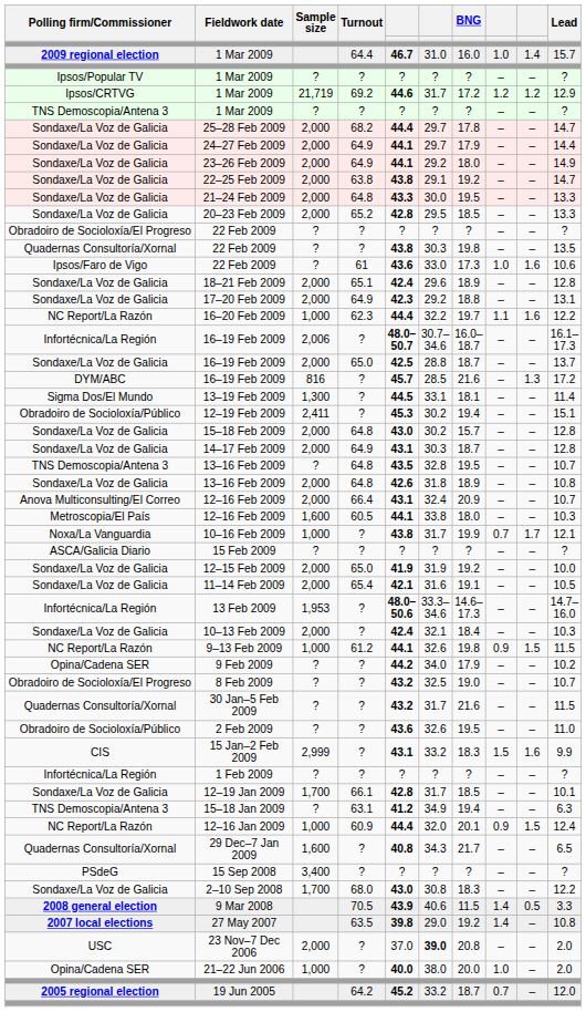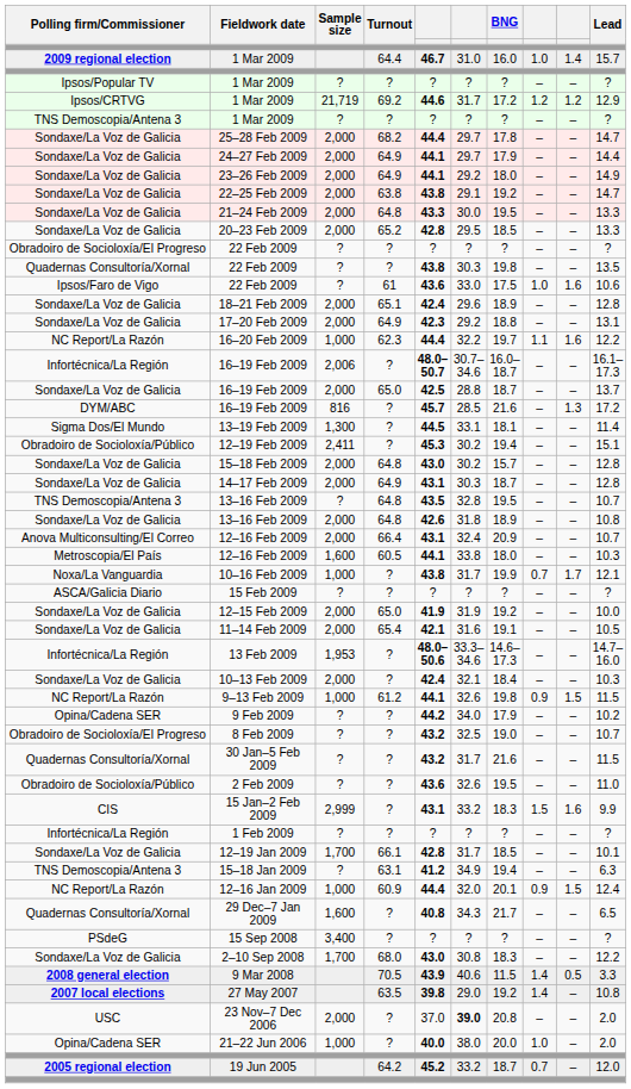 <table class="wikitable collapsible collapsed" style="text-align:center; font-size:95%; line-height:16px;">
 <tr style="height:42px;">
 <th style="width:250px;" rowspan="2">Polling firm/Commissioner</th>
 <th style="width:125px;" rowspan="2">Fieldwork date</th>
 <th style="width:50px;" rowspan="2">Sample size</th>
 <th style="width:45px;" rowspan="2">Turnout</th>
 <th style="width:35px;"></th>
 <th style="width:35px;"></th>
 <th style="width:35px;"><a href='#'>BNG</a></th>
 <th style="width:35px;"></th>
 <th style="width:35px;"></th>
 <th style="width:30px;" rowspan="2">Lead</th>
 </tr>
 <tr>
 <th style="color:inherit;background:"></th>
 <th style="color:inherit;background:"></th>
 <th style="color:inherit;background:"></th>
 <th style="color:inherit;background:"></th>
 <th style="color:inherit;background:"></th>
 </tr>
 <tr>
 <td colspan="10" style="background:#A0A0A0"></td>
 </tr>
 <tr style="background:#EFEFEF;">
 <td><strong><a href='#'>2009 regional election</a></strong></td>
 <td>1 Mar 2009</td>
 <td></td>
 <td>64.4</td>
 <td><strong>46.7</strong><br></td>
 <td>31.0<br></td>
 <td>16.0<br></td>
 <td>1.0<br></td>
 <td>1.4<br></td>
 <td style="background:">15.7</td>
 </tr>
 <tr>
 <td colspan="10" style="background:#A0A0A0"></td>
 </tr>
 <tr style="background:#EAFFEA;">
 <td>Ipsos/Popular TV</td>
 <td>1 Mar 2009</td>
 <td>?</td>
 <td>?</td>
 <td>?<br></td>
 <td>?<br></td>
 <td>?<br></td>
 <td>–</td>
 <td>–</td>
 <td style="background:">?</td>
 </tr>
 <tr style="background:#EAFFEA;">
 <td>Ipsos/CRTVG</td>
 <td>1 Mar 2009</td>
 <td>21,719</td>
 <td>69.2</td>
 <td><strong>44.6</strong><br></td>
 <td>31.7<br></td>
 <td>17.2<br></td>
 <td>1.2<br></td>
 <td>1.2<br></td>
 <td style="background:">12.9</td>
 </tr>
 <tr style="background:#EAFFEA;">
 <td>TNS Demoscopia/Antena 3</td>
 <td>1 Mar 2009</td>
 <td>?</td>
 <td>?</td>
 <td>?<br></td>
 <td>?<br></td>
 <td>?<br></td>
 <td>–</td>
 <td>–</td>
 <td style="background:">?</td>
 </tr>
 <tr style="background:#FFEAEA;">
 <td>Sondaxe/La Voz de Galicia</td>
 <td>25–28 Feb 2009</td>
 <td>2,000</td>
 <td>68.2</td>
 <td><strong>44.4</strong><br></td>
 <td>29.7<br></td>
 <td>17.8<br></td>
 <td>–</td>
 <td>–</td>
 <td style="background:">14.7</td>
 </tr>
 <tr style="background:#FFEAEA;">
 <td>Sondaxe/La Voz de Galicia</td>
 <td>24–27 Feb 2009</td>
 <td>2,000</td>
 <td>64.9</td>
 <td><strong>44.1</strong><br></td>
 <td>29.7<br></td>
 <td>17.9<br></td>
 <td>–</td>
 <td>–</td>
 <td style="background:">14.4</td>
 </tr>
 <tr style="background:#FFEAEA;">
 <td>Sondaxe/La Voz de Galicia</td>
 <td>23–26 Feb 2009</td>
 <td>2,000</td>
 <td>64.9</td>
 <td><strong>44.1</strong><br></td>
 <td>29.2<br></td>
 <td>18.0<br></td>
 <td>–</td>
 <td>–</td>
 <td style="background:">14.9</td>
 </tr>
 <tr style="background:#FFEAEA;">
 <td>Sondaxe/La Voz de Galicia</td>
 <td>22–25 Feb 2009</td>
 <td>2,000</td>
 <td>63.8</td>
 <td><strong>43.8</strong><br></td>
 <td>29.1<br></td>
 <td>19.2<br></td>
 <td>–</td>
 <td>–</td>
 <td style="background:">14.7</td>
 </tr>
 <tr style="background:#FFEAEA;">
 <td>Sondaxe/La Voz de Galicia</td>
 <td>21–24 Feb 2009</td>
 <td>2,000</td>
 <td>64.8</td>
 <td><strong>43.3</strong><br></td>
 <td>30.0<br></td>
 <td>19.5<br></td>
 <td>–</td>
 <td>–</td>
 <td style="background:">13.3</td>
 </tr>
 <tr>
 <td>Sondaxe/La Voz de Galicia</td>
 <td>20–23 Feb 2009</td>
 <td>2,000</td>
 <td>65.2</td>
 <td><strong>42.8</strong><br></td>
 <td>29.5<br></td>
 <td>18.5<br></td>
 <td>–</td>
 <td>–</td>
 <td style="background:">13.3</td>
 </tr>
 <tr>
 <td>Obradoiro de Socioloxía/El Progreso</td>
 <td>22 Feb 2009</td>
 <td>?</td>
 <td>?</td>
 <td>?<br></td>
 <td>?<br></td>
 <td>?<br></td>
 <td>–</td>
 <td>–</td>
 <td style="background:">?</td>
 </tr>
 <tr>
 <td>Quadernas Consultoría/Xornal</td>
 <td>22 Feb 2009</td>
 <td>?</td>
 <td>?</td>
 <td><strong>43.8</strong><br></td>
 <td>30.3<br></td>
 <td>19.8<br></td>
 <td>–</td>
 <td>–</td>
 <td style="background:">13.5</td>
 </tr>
 <tr>
 <td>Ipsos/Faro de Vigo</td>
 <td>22 Feb 2009</td>
 <td>?</td>
 <td>61</td>
 <td><strong>43.6</strong><br></td>
 <td>33.0<br></td>
-<td>17.3<br></td>
+<td>17.5<br></td>
 <td>1.0<br></td>
 <td>1.6<br></td>
 <td style="background:">10.6</td>
 </tr>
 <tr>
 <td>Sondaxe/La Voz de Galicia</td>
 <td>18–21 Feb 2009</td>
 <td>2,000</td>
 <td>65.1</td>
 <td><strong>42.4</strong><br></td>
 <td>29.6<br></td>
 <td>18.9<br></td>
 <td>–</td>
 <td>–</td>
 <td style="background:">12.8</td>
 </tr>
 <tr>
 <td>Sondaxe/La Voz de Galicia</td>
 <td>17–20 Feb 2009</td>
 <td>2,000</td>
 <td>64.9</td>
 <td><strong>42.3</strong><br></td>
 <td>29.2<br></td>
 <td>18.8<br></td>
 <td>–</td>
 <td>–</td>
 <td style="background:">13.1</td>
 </tr>
 <tr>
 <td>NC Report/La Razón</td>
 <td>16–20 Feb 2009</td>
 <td>1,000</td>
 <td>62.3</td>
 <td><strong>44.4</strong><br></td>
 <td>32.2<br></td>
 <td>19.7<br></td>
 <td>1.1<br></td>
 <td>1.6<br></td>
 <td style="background:">12.2</td>
 </tr>
 <tr>
 <td>Infortécnica/La Región</td>
 <td>16–19 Feb 2009</td>
 <td>2,006</td>
 <td>?</td>
 <td><strong>48.0–<br>50.7</strong><br></td>
 <td>30.7–<br>34.6<br></td>
 <td>16.0–<br>18.7<br></td>
 <td>–</td>
 <td>–</td>
 <td style="background:">16.1–<br>17.3</td>
 </tr>
 <tr>
 <td>Sondaxe/La Voz de Galicia</td>
 <td>16–19 Feb 2009</td>
 <td>2,000</td>
 <td>65.0</td>
 <td><strong>42.5</strong><br></td>
 <td>28.8<br></td>
 <td>18.7<br></td>
 <td>–</td>
 <td>–</td>
 <td style="background:">13.7</td>
 </tr>
 <tr>
 <td>DYM/ABC</td>
 <td>16–19 Feb 2009</td>
 <td>816</td>
 <td>?</td>
 <td><strong>45.7</strong><br></td>
 <td>28.5<br></td>
 <td>21.6<br></td>
 <td>–</td>
 <td>1.3<br></td>
 <td style="background:">17.2</td>
 </tr>
 <tr>
 <td>Sigma Dos/El Mundo</td>
 <td>13–19 Feb 2009</td>
 <td>1,300</td>
 <td>?</td>
 <td><strong>44.5</strong><br></td>
 <td>33.1<br></td>
 <td>18.1<br></td>
 <td>–</td>
 <td>–</td>
 <td style="background:">11.4</td>
 </tr>
 <tr>
 <td>Obradoiro de Socioloxía/Público</td>
 <td>12–19 Feb 2009</td>
 <td>2,411</td>
 <td>?</td>
 <td><strong>45.3</strong><br></td>
 <td>30.2<br></td>
 <td>19.4<br></td>
 <td>–</td>
 <td>–</td>
 <td style="background:">15.1</td>
 </tr>
 <tr>
 <td>Sondaxe/La Voz de Galicia</td>
 <td>15–18 Feb 2009</td>
 <td>2,000</td>
 <td>64.8</td>
 <td><strong>43.0</strong><br></td>
 <td>30.2<br></td>
 <td>15.7<br></td>
 <td>–</td>
 <td>–</td>
 <td style="background:">12.8</td>
 </tr>
 <tr>
 <td>Sondaxe/La Voz de Galicia</td>
 <td>14–17 Feb 2009</td>
 <td>2,000</td>
 <td>64.9</td>
 <td><strong>43.1</strong><br></td>
 <td>30.3<br></td>
 <td>18.7<br></td>
 <td>–</td>
 <td>–</td>
 <td style="background:">12.8</td>
 </tr>
 <tr>
 <td>TNS Demoscopia/Antena 3</td>
 <td>13–16 Feb 2009</td>
 <td>?</td>
 <td>64.8</td>
 <td><strong>43.5</strong><br></td>
 <td>32.8<br></td>
 <td>19.5<br></td>
 <td>–</td>
 <td>–</td>
 <td style="background:">10.7</td>
 </tr>
 <tr>
 <td>Sondaxe/La Voz de Galicia</td>
 <td>13–16 Feb 2009</td>
 <td>2,000</td>
 <td>64.8</td>
 <td><strong>42.6</strong><br></td>
 <td>31.8<br></td>
 <td>18.9<br></td>
 <td>–</td>
 <td>–</td>
 <td style="background:">10.8</td>
 </tr>
 <tr>
 <td>Anova Multiconsulting/El Correo</td>
 <td>12–16 Feb 2009</td>
 <td>2,000</td>
 <td>66.4</td>
 <td><strong>43.1</strong><br></td>
 <td>32.4<br></td>
 <td>20.9<br></td>
 <td>–</td>
 <td>–</td>
 <td style="background:">10.7</td>
 </tr>
 <tr>
 <td>Metroscopia/El País</td>
 <td>12–16 Feb 2009</td>
 <td>1,600</td>
 <td>60.5</td>
 <td><strong>44.1</strong><br></td>
 <td>33.8<br></td>
 <td>18.0<br></td>
 <td>–</td>
 <td>–</td>
 <td style="background:">10.3</td>
 </tr>
 <tr>
 <td>Noxa/La Vanguardia</td>
 <td>10–16 Feb 2009</td>
 <td>1,000</td>
 <td>?</td>
 <td><strong>43.8</strong><br></td>
 <td>31.7<br></td>
 <td>19.9<br></td>
 <td>0.7<br></td>
 <td>1.7<br></td>
 <td style="background:">12.1</td>
 </tr>
 <tr>
 <td>ASCA/Galicia Diario</td>
 <td>15 Feb 2009</td>
 <td>?</td>
 <td>?</td>
 <td>?<br></td>
 <td>?<br></td>
 <td>?<br></td>
 <td>–</td>
 <td>–</td>
 <td style="background:">?</td>
 </tr>
 <tr>
 <td>Sondaxe/La Voz de Galicia</td>
 <td>12–15 Feb 2009</td>
 <td>2,000</td>
 <td>65.0</td>
 <td><strong>41.9</strong><br></td>
 <td>31.9<br></td>
 <td>19.2<br></td>
 <td>–</td>
 <td>–</td>
 <td style="background:">10.0</td>
 </tr>
 <tr>
 <td>Sondaxe/La Voz de Galicia</td>
 <td>11–14 Feb 2009</td>
 <td>2,000</td>
 <td>65.4</td>
 <td><strong>42.1</strong><br></td>
 <td>31.6<br></td>
 <td>19.1<br></td>
 <td>–</td>
 <td>–</td>
 <td style="background:">10.5</td>
 </tr>
 <tr>
 <td>Infortécnica/La Región</td>
 <td>13 Feb 2009</td>
 <td>1,953</td>
 <td>?</td>
 <td><strong>48.0–<br>50.6</strong><br></td>
 <td>33.3–<br>34.6<br></td>
 <td>14.6–<br>17.3<br></td>
 <td>–</td>
 <td>–</td>
 <td style="background:">14.7–<br>16.0</td>
 </tr>
 <tr>
 <td>Sondaxe/La Voz de Galicia</td>
 <td>10–13 Feb 2009</td>
 <td>2,000</td>
 <td>?</td>
 <td><strong>42.4</strong><br></td>
 <td>32.1<br></td>
 <td>18.4<br></td>
 <td>–</td>
 <td>–</td>
 <td style="background:">10.3</td>
 </tr>
 <tr>
 <td>NC Report/La Razón</td>
 <td>9–13 Feb 2009</td>
 <td>1,000</td>
 <td>61.2</td>
 <td><strong>44.1</strong><br></td>
 <td>32.6<br></td>
 <td>19.8<br></td>
 <td>0.9<br></td>
 <td>1.5<br></td>
 <td style="background:">11.5</td>
 </tr>
 <tr>
 <td>Opina/Cadena SER</td>
 <td>9 Feb 2009</td>
 <td>?</td>
 <td>?</td>
 <td><strong>44.2</strong><br></td>
 <td>34.0<br></td>
 <td>17.9<br></td>
 <td>–</td>
 <td>–</td>
 <td style="background:">10.2</td>
 </tr>
 <tr>
 <td>Obradoiro de Socioloxía/El Progreso</td>
 <td>8 Feb 2009</td>
 <td>?</td>
 <td>?</td>
 <td><strong>43.2</strong><br></td>
 <td>32.5<br></td>
 <td>19.0<br></td>
 <td>–</td>
 <td>–</td>
 <td style="background:">10.7</td>
 </tr>
 <tr>
 <td>Quadernas Consultoría/Xornal</td>
 <td>30 Jan–5 Feb 2009</td>
 <td>?</td>
 <td>?</td>
 <td><strong>43.2</strong><br></td>
 <td>31.7<br></td>
 <td>21.6<br></td>
 <td>–</td>
 <td>–</td>
 <td style="background:">11.5</td>
 </tr>
 <tr>
 <td>Obradoiro de Socioloxía/Público</td>
 <td>2 Feb 2009</td>
 <td>?</td>
 <td>?</td>
 <td><strong>43.6</strong><br></td>
 <td>32.6<br></td>
 <td>19.5<br></td>
 <td>–</td>
 <td>–</td>
 <td style="background:">11.0</td>
 </tr>
 <tr>
 <td>CIS</td>
 <td>15 Jan–2 Feb 2009</td>
 <td>2,999</td>
 <td>?</td>
 <td><strong>43.1</strong><br></td>
 <td>33.2<br></td>
 <td>18.3<br></td>
 <td>1.5<br></td>
 <td>1.6<br></td>
 <td style="background:">9.9</td>
 </tr>
 <tr>
 <td>Infortécnica/La Región</td>
 <td>1 Feb 2009</td>
 <td>?</td>
 <td>?</td>
 <td>?<br></td>
 <td>?<br></td>
 <td>?<br></td>
 <td>–</td>
 <td>–</td>
 <td style="background:">?</td>
 </tr>
 <tr>
 <td>Sondaxe/La Voz de Galicia</td>
 <td>12–19 Jan 2009</td>
 <td>1,700</td>
 <td>66.1</td>
 <td><strong>42.8</strong><br></td>
 <td>31.7<br></td>
 <td>18.5<br></td>
 <td>–</td>
 <td>–</td>
 <td style="background:">10.1</td>
 </tr>
 <tr>
 <td>TNS Demoscopia/Antena 3</td>
 <td>15–18 Jan 2009</td>
 <td>?</td>
 <td>63.1</td>
 <td><strong>41.2</strong><br></td>
 <td>34.9<br></td>
 <td>19.4<br></td>
 <td>–</td>
 <td>–</td>
 <td style="background:">6.3</td>
 </tr>
 <tr>
 <td>NC Report/La Razón</td>
 <td>12–16 Jan 2009</td>
 <td>1,000</td>
 <td>60.9</td>
 <td><strong>44.4</strong><br></td>
 <td>32.0<br></td>
 <td>20.1<br></td>
 <td>0.9<br></td>
 <td>1.5<br></td>
 <td style="background:">12.4</td>
 </tr>
 <tr>
 <td>Quadernas Consultoría/Xornal</td>
 <td>29 Dec–7 Jan 2009</td>
 <td>1,600</td>
 <td>?</td>
 <td><strong>40.8</strong><br></td>
 <td>34.3<br></td>
 <td>21.7<br></td>
 <td>–</td>
 <td>–</td>
 <td style="background:">6.5</td>
 </tr>
 <tr>
 <td>PSdeG</td>
 <td>15 Sep 2008</td>
 <td>3,400</td>
 <td>?</td>
 <td>?<br></td>
 <td>?<br></td>
 <td>?<br></td>
 <td>–</td>
 <td>–</td>
 <td style="background:">?</td>
 </tr>
 <tr>
 <td>Sondaxe/La Voz de Galicia</td>
 <td>2–10 Sep 2008</td>
 <td>1,700</td>
 <td>68.0</td>
 <td><strong>43.0</strong><br></td>
 <td>30.8<br></td>
 <td>18.3<br></td>
 <td>–</td>
 <td>–</td>
 <td style="background:">12.2</td>
 </tr>
 <tr style="background:#EFEFEF;">
 <td><strong><a href='#'>2008 general election</a></strong></td>
 <td>9 Mar 2008</td>
 <td></td>
 <td>70.5</td>
 <td><strong>43.9</strong><br></td>
 <td>40.6<br></td>
 <td>11.5<br></td>
 <td>1.4<br></td>
 <td>0.5<br></td>
 <td style="background:">3.3</td>
 </tr>
 <tr style="background:#EFEFEF;">
 <td><strong><a href='#'>2007 local elections</a></strong></td>
 <td>27 May 2007</td>
 <td></td>
 <td>63.5</td>
 <td><strong>39.8</strong></td>
 <td>29.0</td>
 <td>19.2</td>
 <td>1.4</td>
 <td>–</td>
 <td style="background:">10.8</td>
 </tr>
 <tr>
 <td>USC</td>
 <td>23 Nov–7 Dec 2006</td>
 <td>2,000</td>
 <td>?</td>
 <td>37.0<br></td>
 <td><strong>39.0</strong><br></td>
 <td>20.8<br></td>
 <td>–</td>
 <td>–</td>
 <td style="background:">2.0</td>
 </tr>
 <tr>
 <td>Opina/Cadena SER</td>
 <td>21–22 Jun 2006</td>
 <td>1,000</td>
 <td>?</td>
 <td><strong>40.0</strong></td>
 <td>38.0</td>
 <td>20.0</td>
 <td>1.0</td>
 <td>–</td>
 <td style="background:">2.0</td>
 </tr>
 <tr>
 <td colspan="10" style="background:#A0A0A0"></td>
 </tr>
 <tr style="background:#EFEFEF;">
 <td><strong><a href='#'>2005 regional election</a></strong></td>
 <td>19 Jun 2005</td>
 <td></td>
 <td>64.2</td>
 <td><strong>45.2</strong><br></td>
 <td>33.2<br></td>
 <td>18.7<br></td>
 <td>0.7<br></td>
 <td>–</td>
 <td style="background:">12.0</td>
 </tr>
 <tr>
 <td colspan="10" style="background:#A0A0A0"></td>
 </tr>
 </table>
